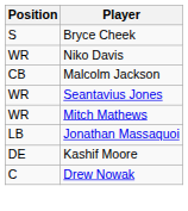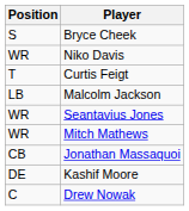 <table class="wikitable sortable">
 <tr>
 <th>Position</th>
 <th>Player</th>
 </tr>
 <tr>
 <td>S</td>
 <td>Bryce Cheek</td>
 </tr>
 <tr>
 <td>WR</td>
 <td>Niko Davis</td>
 </tr>
 <tr>
-<td>CB</td>
+<td>T</td>
+<td>Curtis Feigt</td>
+</tr>
+<tr>
+<td>LB</td>
 <td>Malcolm Jackson</td>
 </tr>
 <tr>
 <td>WR</td>
 <td><a href='#'>Seantavius Jones</a></td>
 </tr>
 <tr>
 <td>WR</td>
 <td><a href='#'>Mitch Mathews</a></td>
 </tr>
 <tr>
-<td>LB</td>
+<td>CB</td>
 <td><a href='#'>Jonathan Massaquoi</a></td>
 </tr>
 <tr>
 <td>DE</td>
 <td>Kashif Moore</td>
 </tr>
 <tr>
 <td>C</td>
 <td><a href='#'>Drew Nowak</a></td>
 </tr>
 </table>
